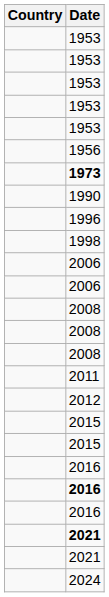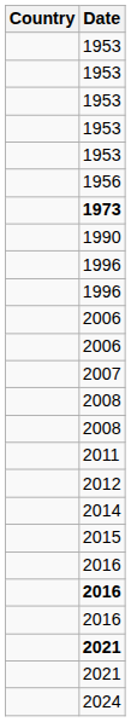 <table class="wikitable sortable">
 <tr>
 <th>Country</th>
 <th>Date</th>
 </tr>
 <tr>
 <td></td>
 <td>1953</td>
 </tr>
 <tr>
 <td></td>
 <td>1953</td>
 </tr>
 <tr>
 <td></td>
 <td>1953</td>
 </tr>
 <tr>
 <td></td>
 <td>1953</td>
 </tr>
 <tr>
 <td></td>
 <td>1953</td>
 </tr>
 <tr>
 <td></td>
 <td>1956</td>
 </tr>
 <tr>
 <td></td>
 <td><strong>1973</strong></td>
 </tr>
 <tr>
 <td></td>
 <td>1990</td>
 </tr>
 <tr>
 <td></td>
 <td>1996</td>
 </tr>
 <tr>
 <td></td>
-<td>1998</td>
+<td>1996</td>
 </tr>
 <tr>
 <td></td>
 <td>2006</td>
 </tr>
 <tr>
 <td></td>
 <td>2006</td>
 </tr>
 <tr>
 <td></td>
-<td>2008</td>
+<td>2007</td>
 </tr>
 <tr>
 <td></td>
 <td>2008</td>
 </tr>
 <tr>
 <td></td>
 <td>2008</td>
 </tr>
 <tr>
 <td></td>
 <td>2011</td>
 </tr>
 <tr>
 <td></td>
 <td>2012</td>
 </tr>
 <tr>
 <td></td>
-<td>2015</td>
+<td>2014</td>
 </tr>
 <tr>
 <td></td>
 <td>2015</td>
 </tr>
 <tr>
 <td></td>
 <td>2016</td>
 </tr>
 <tr>
 <td></td>
 <td><strong>2016</strong></td>
 </tr>
 <tr>
 <td></td>
 <td>2016</td>
 </tr>
 <tr>
 <td></td>
 <td><strong>2021</strong></td>
 </tr>
 <tr>
 <td></td>
 <td>2021</td>
 </tr>
 <tr>
 <td></td>
 <td>2024</td>
 </tr>
 </table>
